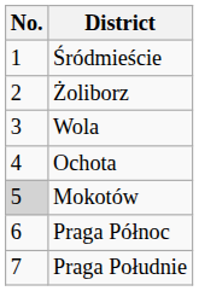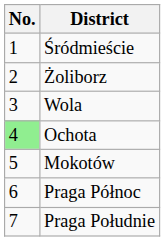 <table class="wikitable">
 <tr>
 <th>No.</th>
 <th>District</th>
 </tr>
 <tr>
 <td>1</td>
 <td>Śródmieście</td>
 </tr>
 <tr>
 <td>2</td>
 <td>Żoliborz</td>
 </tr>
 <tr>
 <td>3</td>
 <td>Wola</td>
 </tr>
 <tr>
-<td>4</td>
+<td style="background: lightgreen;">4</td>
 <td>Ochota</td>
 </tr>
 <tr>
-<td style="background: lightgrey;">5</td>
+<td>5</td>
 <td>Mokotów</td>
 </tr>
 <tr>
 <td>6</td>
 <td>Praga Północ</td>
 </tr>
 <tr>
 <td>7</td>
 <td>Praga Południe</td>
 </tr>
 </table>
